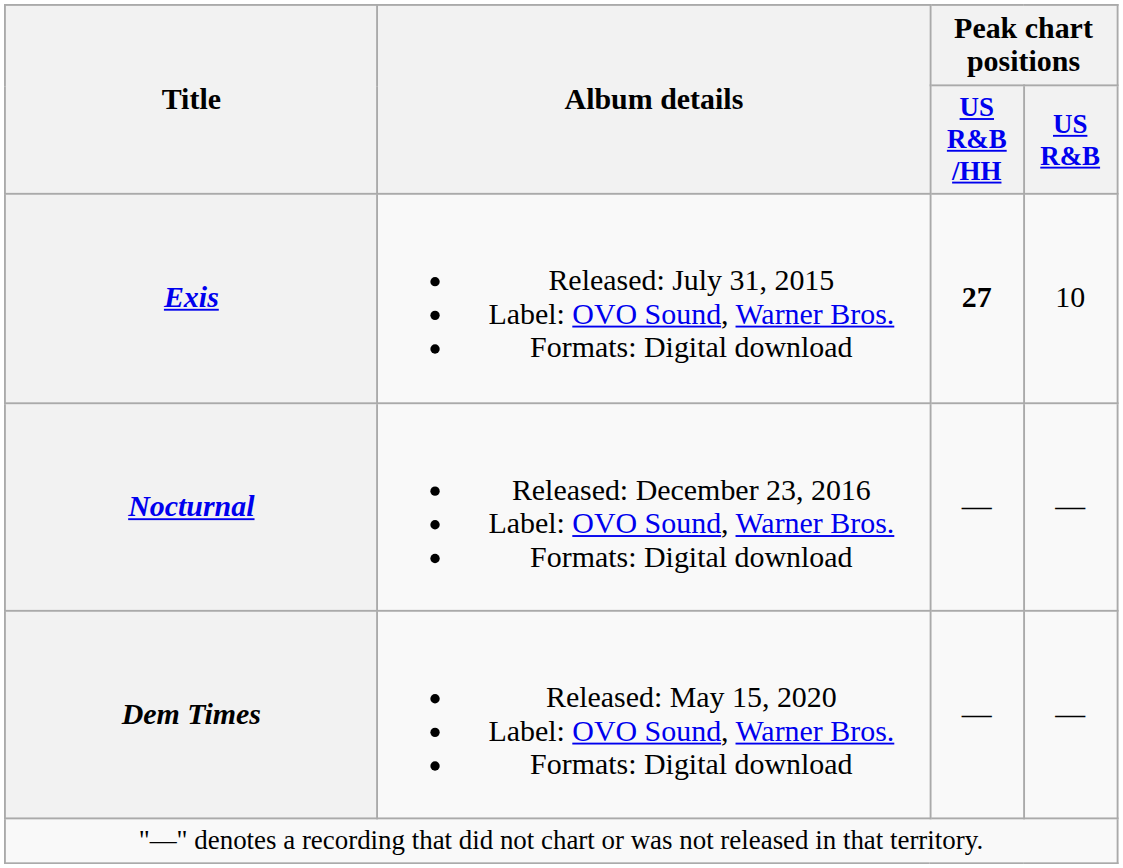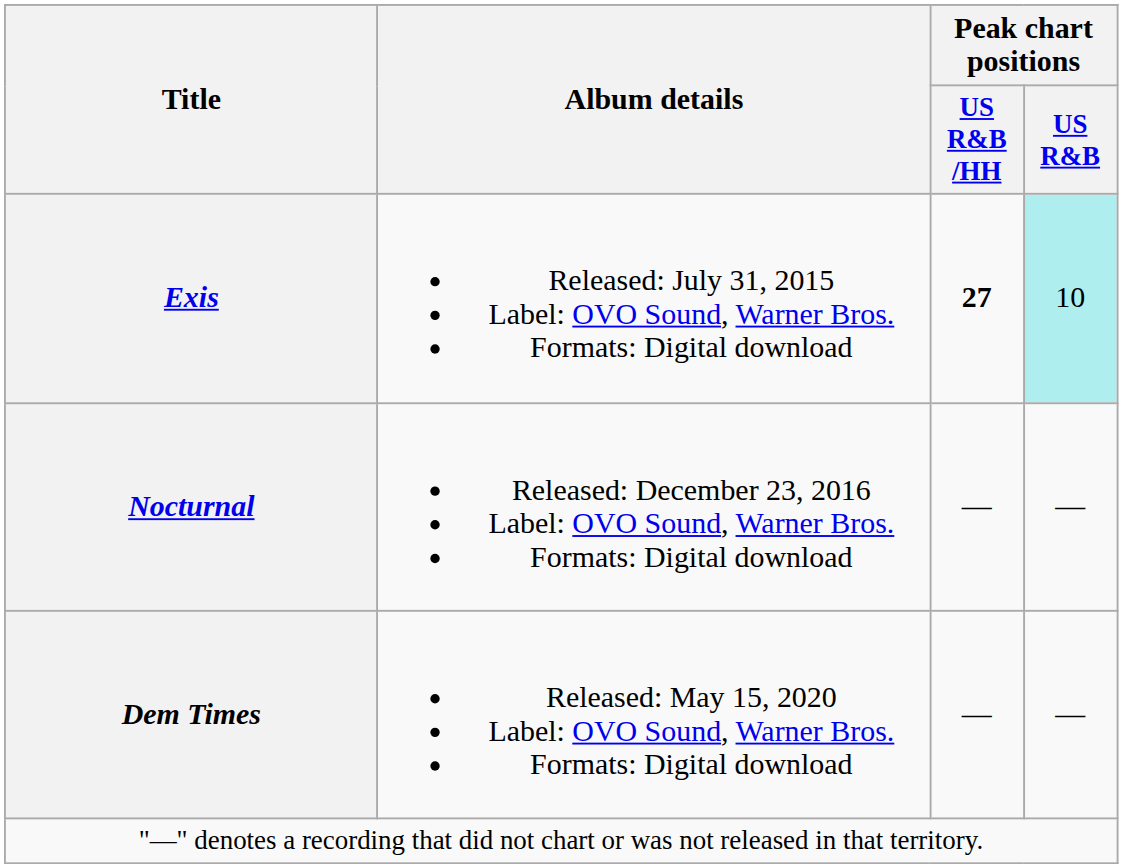 <table class="wikitable plainrowheaders" style="text-align:center;">
 <tr>
 <th scope="col" rowspan="2" style="width:12em;">Title</th>
 <th scope="col" rowspan="2" style="width:18em;">Album details</th>
 <th scope="col" colspan="2">Peak chart positions</th>
 </tr>
 <tr>
 <th scope="col" style="width:3em;font-size:90%;"><a href='#'>US<br>R&B<br>/HH</a><br></th>
 <th scope="col" style="width:3em;font-size:90%;"><a href='#'>US<br>R&B</a><br></th>
 </tr>
 <tr>
 <th scope="row"><em><a href='#'>Exis</a></em></th>
 <td><br><ul><li>Released: July 31, 2015</li><li>Label: <a href='#'>OVO Sound</a>, <a href='#'>Warner Bros.</a></li><li>Formats: Digital download</li></ul></td>
 <td><strong>27</strong></td>
-<td>10</td>
+<td style="background: paleturquoise;">10</td>
 </tr>
 <tr>
 <th scope="row"><em><a href='#'>Nocturnal</a></em></th>
 <td><br><ul><li>Released: December 23, 2016</li><li>Label: <a href='#'>OVO Sound</a>, <a href='#'>Warner Bros.</a></li><li>Formats: Digital download</li></ul></td>
 <td>—</td>
 <td>—</td>
 </tr>
 <tr>
 <th scope="row"><em>Dem Times</em></th>
 <td><br><ul><li>Released: May 15, 2020</li><li>Label: <a href='#'>OVO Sound</a>, <a href='#'>Warner Bros.</a></li><li>Formats: Digital download</li></ul></td>
 <td>—</td>
 <td>—</td>
 </tr>
 <tr>
 <td colspan="7" style="font-size:90%">"—" denotes a recording that did not chart or was not released in that territory.</td>
 </tr>
 </table>
